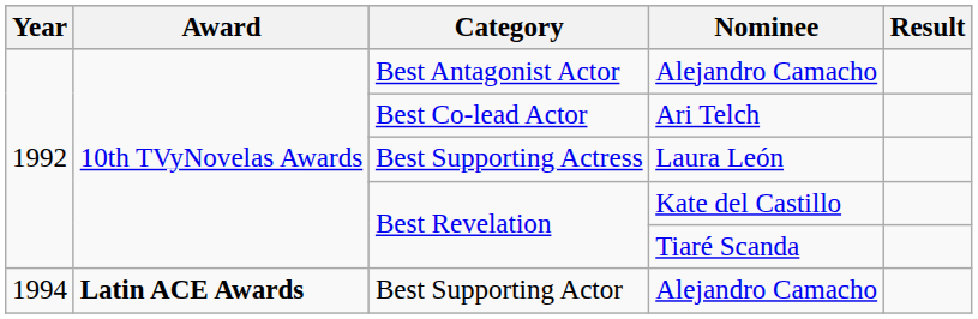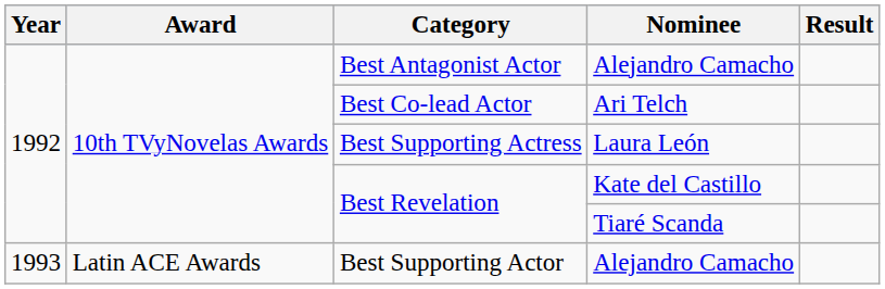 <table class="wikitable">
 <tr style="background:#b0c4de;">
 <th>Year</th>
 <th>Award</th>
 <th>Category</th>
 <th>Nominee</th>
 <th>Result</th>
 </tr>
 <tr>
 <td rowspan=5>1992</td>
 <td rowspan=5><a href='#'>10th TVyNovelas Awards</a></td>
 <td><a href='#'>Best Antagonist Actor</a></td>
 <td><a href='#'>Alejandro Camacho</a></td>
 <td></td>
 </tr>
 <tr>
 <td><a href='#'>Best Co-lead Actor</a></td>
 <td><a href='#'>Ari Telch</a></td>
 <td></td>
 </tr>
 <tr>
 <td><a href='#'>Best Supporting Actress</a></td>
 <td><a href='#'>Laura León</a></td>
 <td></td>
 </tr>
 <tr>
 <td rowspan=2><a href='#'>Best Revelation</a></td>
 <td><a href='#'>Kate del Castillo</a></td>
 <td></td>
 </tr>
 <tr>
 <td><a href='#'>Tiaré Scanda</a></td>
 <td></td>
 </tr>
 <tr>
-<td>1994</td>
-<td><strong>Latin ACE Awards</strong></td>
+<td>1993</td>
+<td>Latin ACE Awards</td>
 <td>Best Supporting Actor</td>
 <td><a href='#'>Alejandro Camacho</a></td>
 <td></td>
 </tr>
 </table>
